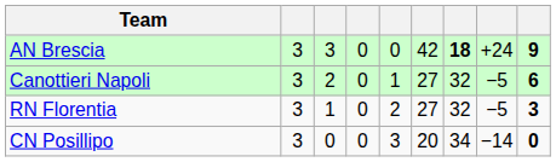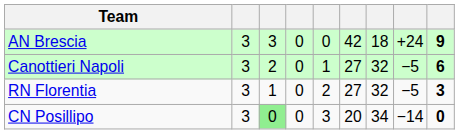 <table class="wikitable" style="text-align:center;">
 <tr>
 <th width=225>Team</th>
 <th width=20></th>
 <th width=20></th>
 <th width=20></th>
 <th width=20></th>
 <th width=20></th>
 <th width=20></th>
 <th width=20></th>
 <th width=20></th>
 </tr>
 <tr style="background:#cfc;">
 <td align="left"> <a href='#'>AN Brescia</a></td>
 <td>3</td>
 <td>3</td>
 <td>0</td>
 <td>0</td>
 <td>42</td>
-<td><strong>18</strong></td>
+<td>18</td>
 <td>+24</td>
 <td><strong>9</strong></td>
 </tr>
 <tr style="background:#cfc;">
 <td align="left"> <a href='#'>Canottieri Napoli</a></td>
 <td>3</td>
 <td>2</td>
 <td>0</td>
 <td>1</td>
 <td>27</td>
 <td>32</td>
 <td>−5</td>
 <td><strong>6</strong></td>
 </tr>
 <tr>
 <td align="left"> <a href='#'>RN Florentia</a></td>
 <td>3</td>
 <td>1</td>
 <td>0</td>
 <td>2</td>
 <td>27</td>
 <td>32</td>
 <td>−5</td>
 <td><strong>3</strong></td>
 </tr>
 <tr>
 <td align="left"> <a href='#'>CN Posillipo</a></td>
 <td>3</td>
-<td>0</td>
+<td style="background: lightgreen;">0</td>
 <td>0</td>
 <td>3</td>
 <td>20</td>
 <td>34</td>
 <td>−14</td>
 <td><strong>0</strong></td>
 </tr>
 </table>
